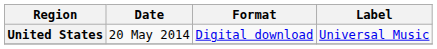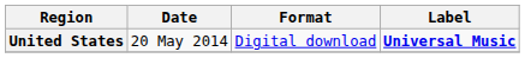 <table class="wikitable plainrowheaders">
 <tr>
 <th scope="col">Region</th>
 <th scope="col">Date</th>
 <th scope="col">Format</th>
 <th scope="col">Label</th>
 </tr>
 <tr>
 <th scope="row">United States</th>
 <td>20 May 2014</td>
 <td><a href='#'>Digital download</a></td>
-<td><a href='#'>Universal Music</a></td>
+<td><strong><a href='#'>Universal Music</a></strong></td>
 </tr>
 <tr>
 </tr>
 </table>
